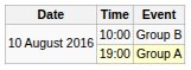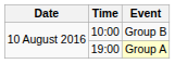 <table class = "wikitable" style="text-align:center;">
 <tr>
 <th>Date</th>
 <th>Time</th>
 <th>Event</th>
 </tr>
 <tr>
 <td rowspan=2>10 August 2016</td>
 <td>10:00</td>
 <td>Group B</td>
 </tr>
 <tr>
-<td style="background: lightyellow;">19:00</td>
+<td>19:00</td>
 <td bgcolor=ffffcc>Group A</td>
 </tr>
 </table>
